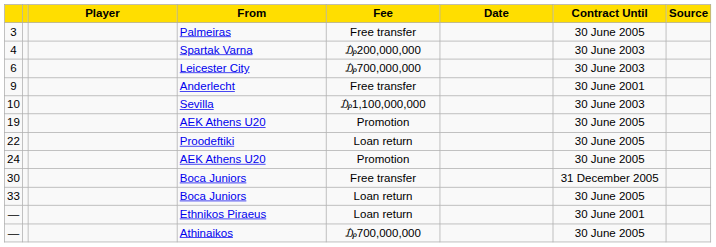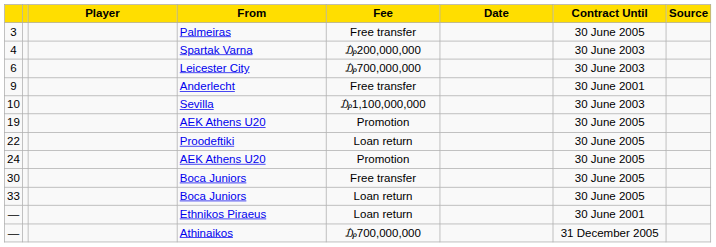 <table class="wikitable sortable">
 <tr>
 <th style="background:#FFDE00"></th>
 <th style="background:#FFDE00"></th>
 <th width=200 style="background:#FFDE00">Player</th>
 <th width=200 style="background:#FFDE00">From</th>
 <th width=150 style="background:#FFDE00">Fee</th>
 <th width=150 style="background:#FFDE00">Date</th>
 <th width=150 style="background:#FFDE00">Contract Until</th>
 <th style="background:#FFDE00">Source</th>
 </tr>
 <tr>
 <td align=center>3</td>
 <td align=center></td>
 <td></td>
 <td> <a href='#'>Palmeiras</a></td>
 <td align=center>Free transfer</td>
 <td align=center></td>
 <td align=center>30 June 2005</td>
 <td align=center></td>
 </tr>
 <tr>
 <td align=center>4</td>
 <td align=center></td>
 <td></td>
 <td> <a href='#'>Spartak Varna</a></td>
 <td align=center>₯200,000,000</td>
 <td align=center></td>
 <td align=center>30 June 2003</td>
 <td align=center></td>
 </tr>
 <tr>
 <td align=center>6</td>
 <td align=center></td>
 <td></td>
 <td> <a href='#'>Leicester City</a></td>
 <td align=center>₯700,000,000</td>
 <td align=center></td>
 <td align=center>30 June 2003</td>
 <td align=center></td>
 </tr>
 <tr>
 <td align=center>9</td>
 <td align=center></td>
 <td></td>
 <td> <a href='#'>Anderlecht</a></td>
 <td align=center>Free transfer</td>
 <td align=center></td>
 <td align=center>30 June 2001</td>
 <td align=center></td>
 </tr>
 <tr>
 <td align=center>10</td>
 <td align=center></td>
 <td></td>
 <td> <a href='#'>Sevilla</a></td>
 <td align=center>₯1,100,000,000</td>
 <td align=center></td>
 <td align=center>30 June 2003</td>
 <td align=center></td>
 </tr>
 <tr>
 <td align=center>19</td>
 <td align=center></td>
 <td></td>
 <td> <a href='#'>AEK Athens U20</a></td>
 <td align=center>Promotion</td>
 <td align=center></td>
 <td align=center>30 June 2005</td>
 <td align=center></td>
 </tr>
 <tr>
 <td align=center>22</td>
 <td align=center></td>
 <td></td>
 <td> <a href='#'>Proodeftiki</a></td>
 <td align=center>Loan return</td>
 <td align=center></td>
 <td align=center>30 June 2005</td>
 <td align=center></td>
 </tr>
 <tr>
 <td align=center>24</td>
 <td align=center></td>
 <td></td>
 <td> <a href='#'>AEK Athens U20</a></td>
 <td align=center>Promotion</td>
 <td align=center></td>
 <td align=center>30 June 2005</td>
 <td align=center></td>
 </tr>
 <tr>
 <td align=center>30</td>
 <td align=center></td>
 <td></td>
 <td> <a href='#'>Boca Juniors</a></td>
 <td align=center>Free transfer</td>
 <td align=center></td>
-<td align=center>31 December 2005</td>
+<td align=center>30 June 2005</td>
 <td align=center></td>
 </tr>
 <tr>
 <td align=center>33</td>
 <td align=center></td>
 <td></td>
 <td> <a href='#'>Boca Juniors</a></td>
 <td align=center>Loan return</td>
 <td align=center></td>
 <td align=center>30 June 2005</td>
 <td align=center></td>
 </tr>
 <tr>
 <td align=center>—</td>
 <td align=center></td>
 <td></td>
 <td> <a href='#'>Ethnikos Piraeus</a></td>
 <td align=center>Loan return</td>
 <td align=center></td>
 <td align=center>30 June 2001</td>
 <td align=center></td>
 </tr>
 <tr>
 <td align=center>—</td>
 <td align=center></td>
 <td></td>
 <td> <a href='#'>Athinaikos</a></td>
 <td align=center>₯700,000,000</td>
 <td align=center></td>
-<td align=center>30 June 2005</td>
+<td align=center>31 December 2005</td>
 <td align=center></td>
 </tr>
 </table>
